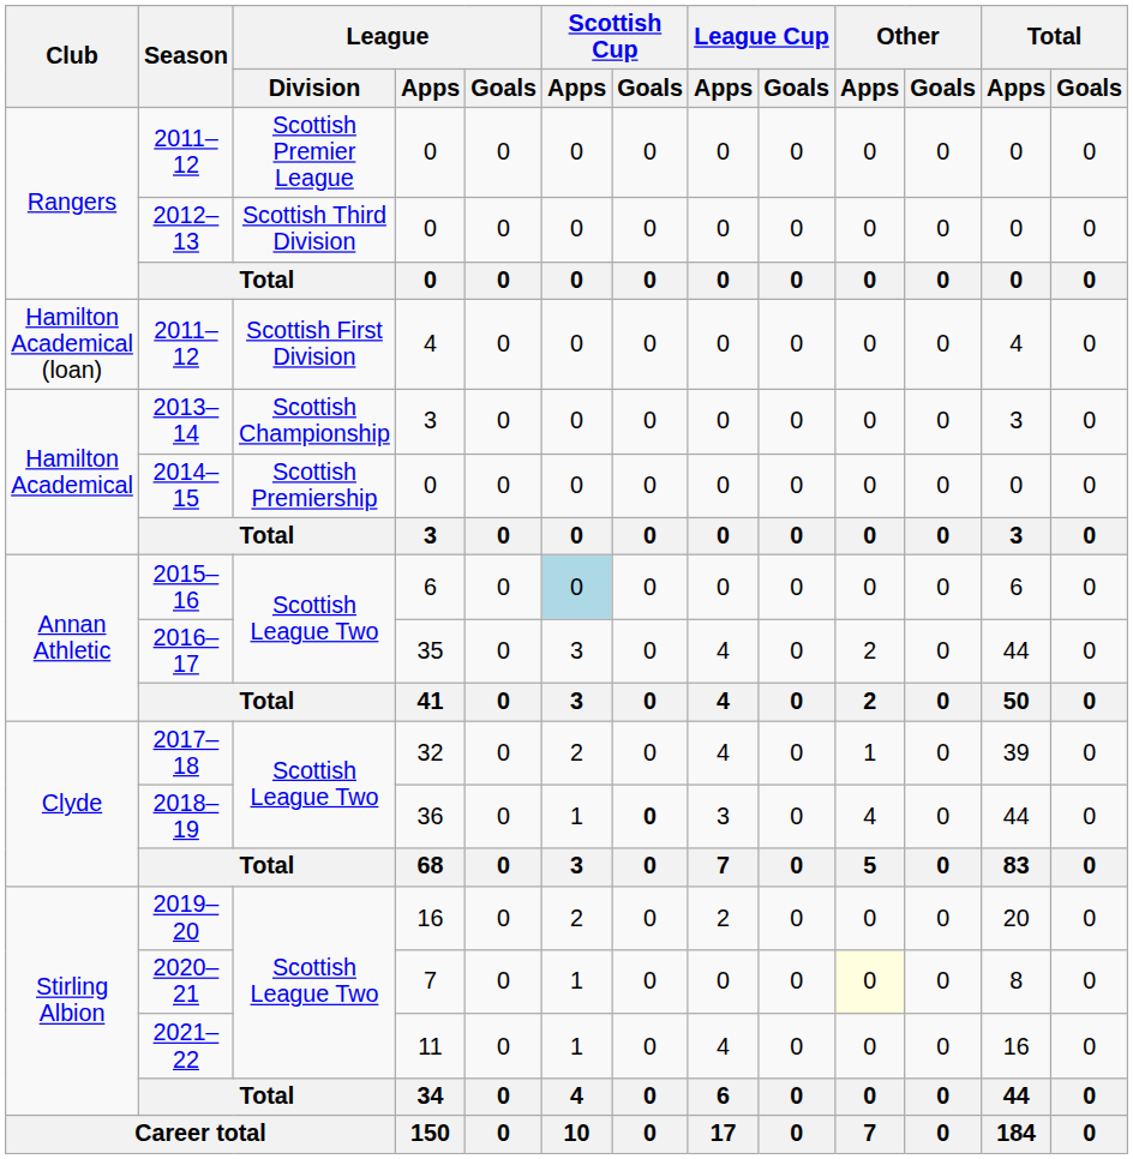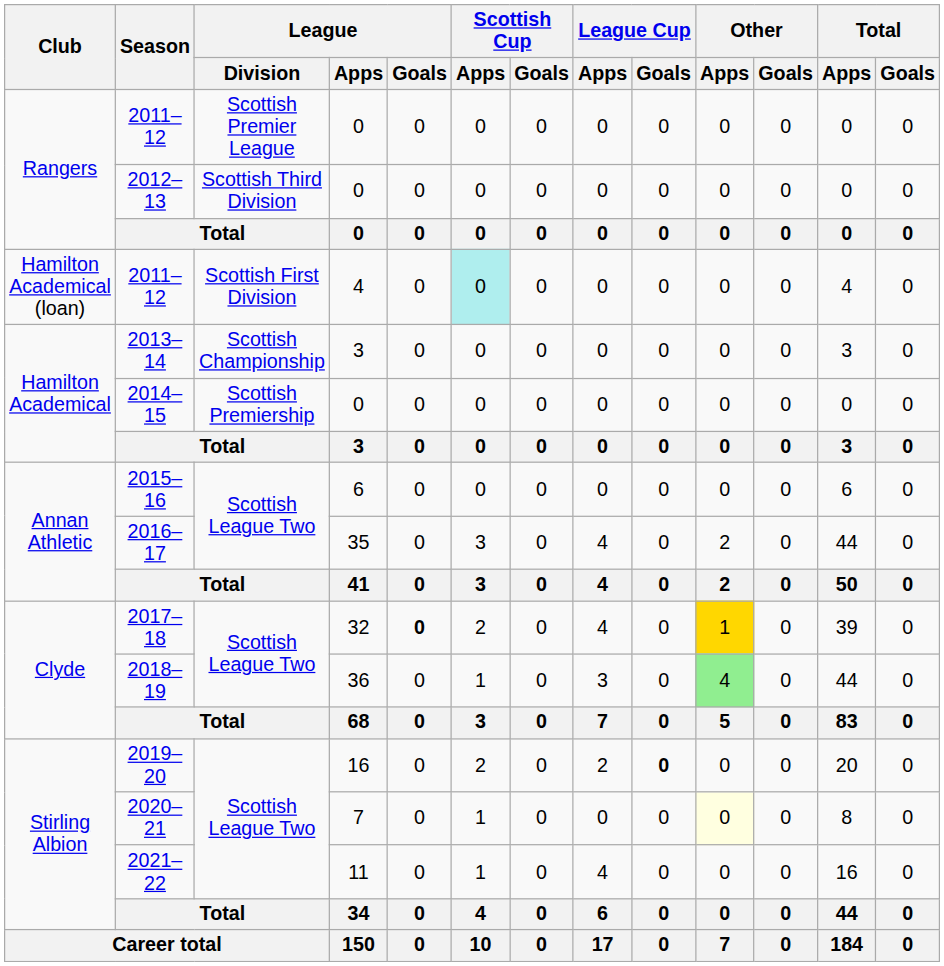 <table class="wikitable" style="text-align: center">
 <tr>
 <th rowspan=2>Club</th>
 <th rowspan=2>Season</th>
 <th colspan=3>League</th>
 <th colspan=2><a href='#'>Scottish Cup</a></th>
 <th colspan=2><a href='#'>League Cup</a></th>
 <th colspan=2>Other</th>
 <th colspan=2>Total</th>
 </tr>
 <tr>
 <th>Division</th>
 <th>Apps</th>
 <th>Goals</th>
 <th>Apps</th>
 <th>Goals</th>
 <th>Apps</th>
 <th>Goals</th>
 <th>Apps</th>
 <th>Goals</th>
 <th>Apps</th>
 <th>Goals</th>
 </tr>
 <tr>
 <td rowspan=3><a href='#'>Rangers</a></td>
 <td><a href='#'>2011–12</a></td>
 <td><a href='#'>Scottish Premier League</a></td>
 <td>0</td>
 <td>0</td>
 <td>0</td>
 <td>0</td>
 <td>0</td>
 <td>0</td>
 <td>0</td>
 <td>0</td>
 <td>0</td>
 <td>0</td>
 </tr>
 <tr>
 <td><a href='#'>2012–13</a></td>
 <td><a href='#'>Scottish Third Division</a></td>
 <td>0</td>
 <td>0</td>
 <td>0</td>
 <td>0</td>
 <td>0</td>
 <td>0</td>
 <td>0</td>
 <td>0</td>
 <td>0</td>
 <td>0</td>
 </tr>
 <tr>
 <th colspan=2>Total</th>
 <th>0</th>
 <th>0</th>
 <th>0</th>
 <th>0</th>
 <th>0</th>
 <th>0</th>
 <th>0</th>
 <th>0</th>
 <th>0</th>
 <th>0</th>
 </tr>
 <tr>
 <td><a href='#'>Hamilton Academical</a> (loan)</td>
 <td><a href='#'>2011–12</a></td>
 <td><a href='#'>Scottish First Division</a></td>
 <td>4</td>
 <td>0</td>
-<td>0</td>
+<td style="background: paleturquoise;">0</td>
 <td>0</td>
 <td>0</td>
 <td>0</td>
 <td>0</td>
 <td>0</td>
 <td>4</td>
 <td>0</td>
 </tr>
 <tr>
 <td rowspan=3><a href='#'>Hamilton Academical</a></td>
 <td><a href='#'>2013–14</a></td>
 <td><a href='#'>Scottish Championship</a></td>
 <td>3</td>
 <td>0</td>
 <td>0</td>
 <td>0</td>
 <td>0</td>
 <td>0</td>
 <td>0</td>
 <td>0</td>
 <td>3</td>
 <td>0</td>
 </tr>
 <tr>
 <td><a href='#'>2014–15</a></td>
 <td><a href='#'>Scottish Premiership</a></td>
 <td>0</td>
 <td>0</td>
 <td>0</td>
 <td>0</td>
 <td>0</td>
 <td>0</td>
 <td>0</td>
 <td>0</td>
 <td>0</td>
 <td>0</td>
 </tr>
 <tr>
 <th colspan=2>Total</th>
 <th>3</th>
 <th>0</th>
 <th>0</th>
 <th>0</th>
 <th>0</th>
 <th>0</th>
 <th>0</th>
 <th>0</th>
 <th>3</th>
 <th>0</th>
 </tr>
 <tr>
 <td rowspan="3"><a href='#'>Annan Athletic</a></td>
 <td><a href='#'>2015–16</a></td>
 <td rowspan="2"><a href='#'>Scottish League Two</a></td>
 <td>6</td>
 <td>0</td>
-<td style="background: lightblue;">0</td>
+<td>0</td>
 <td>0</td>
 <td>0</td>
 <td>0</td>
 <td>0</td>
 <td>0</td>
 <td>6</td>
 <td>0</td>
 </tr>
 <tr>
 <td><a href='#'>2016–17</a></td>
 <td>35</td>
 <td>0</td>
 <td>3</td>
 <td>0</td>
 <td>4</td>
 <td>0</td>
 <td>2</td>
 <td>0</td>
 <td>44</td>
 <td>0</td>
 </tr>
 <tr>
 <th colspan=2>Total</th>
 <th>41</th>
 <th>0</th>
 <th>3</th>
 <th>0</th>
 <th>4</th>
 <th>0</th>
 <th>2</th>
 <th>0</th>
 <th>50</th>
 <th>0</th>
 </tr>
 <tr>
 <td rowspan="3"><a href='#'>Clyde</a></td>
 <td><a href='#'>2017–18</a></td>
 <td rowspan="2"><a href='#'>Scottish League Two</a></td>
 <td>32</td>
-<td>0</td>
+<td><strong>0</strong></td>
 <td>2</td>
 <td>0</td>
 <td>4</td>
 <td>0</td>
-<td>1</td>
+<td style="background: gold;">1</td>
 <td>0</td>
 <td>39</td>
 <td>0</td>
 </tr>
 <tr>
 <td><a href='#'>2018–19</a></td>
 <td>36</td>
 <td>0</td>
 <td>1</td>
-<td><strong>0</strong></td>
+<td>0</td>
 <td>3</td>
 <td>0</td>
-<td>4</td>
+<td style="background: lightgreen;">4</td>
 <td>0</td>
 <td>44</td>
 <td>0</td>
 </tr>
 <tr>
 <th colspan=2>Total</th>
 <th>68</th>
 <th>0</th>
 <th>3</th>
 <th>0</th>
 <th>7</th>
 <th>0</th>
 <th>5</th>
 <th>0</th>
 <th>83</th>
 <th>0</th>
 </tr>
 <tr>
 <td rowspan="4"><a href='#'>Stirling Albion</a></td>
 <td><a href='#'>2019–20</a></td>
 <td rowspan="3"><a href='#'>Scottish League Two</a></td>
 <td>16</td>
 <td>0</td>
 <td>2</td>
 <td>0</td>
 <td>2</td>
-<td>0</td>
+<td><strong>0</strong></td>
 <td>0</td>
 <td>0</td>
 <td>20</td>
 <td>0</td>
 </tr>
 <tr>
 <td><a href='#'>2020–21</a></td>
 <td>7</td>
 <td>0</td>
 <td>1</td>
 <td>0</td>
 <td>0</td>
 <td>0</td>
 <td style="background: lightyellow;">0</td>
 <td>0</td>
 <td>8</td>
 <td>0</td>
 </tr>
 <tr>
 <td><a href='#'>2021–22</a></td>
 <td>11</td>
 <td>0</td>
 <td>1</td>
 <td>0</td>
 <td>4</td>
 <td>0</td>
 <td>0</td>
 <td>0</td>
 <td>16</td>
 <td>0</td>
 </tr>
 <tr>
 <th colspan=2>Total</th>
 <th>34</th>
 <th>0</th>
 <th>4</th>
 <th>0</th>
 <th>6</th>
 <th>0</th>
 <th>0</th>
 <th>0</th>
 <th>44</th>
 <th>0</th>
 </tr>
 <tr>
 <th colspan=3>Career total</th>
 <th>150</th>
 <th>0</th>
 <th>10</th>
 <th>0</th>
 <th>17</th>
 <th>0</th>
 <th>7</th>
 <th>0</th>
 <th>184</th>
 <th>0</th>
 </tr>
 </table>
